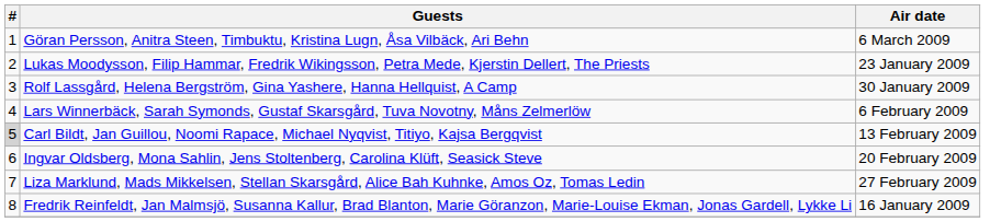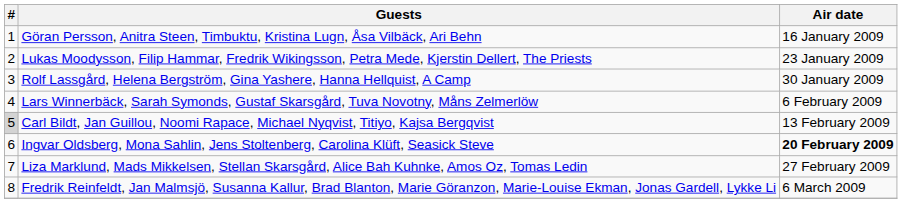 <table class="wikitable">
 <tr>
 <th>#</th>
 <th>Guests</th>
 <th>Air date</th>
 </tr>
 <tr>
 <td>1</td>
 <td><a href='#'>Göran Persson</a>, <a href='#'>Anitra Steen</a>, <a href='#'>Timbuktu</a>, <a href='#'>Kristina Lugn</a>, <a href='#'>Åsa Vilbäck</a>, <a href='#'>Ari Behn</a></td>
-<td>6 March 2009</td>
+<td>16 January 2009</td>
 </tr>
 <tr>
 <td>2</td>
 <td><a href='#'>Lukas Moodysson</a>, <a href='#'>Filip Hammar</a>, <a href='#'>Fredrik Wikingsson</a>, <a href='#'>Petra Mede</a>, <a href='#'>Kjerstin Dellert</a>, <a href='#'>The Priests</a></td>
 <td>23 January 2009</td>
 </tr>
 <tr>
 <td>3</td>
 <td><a href='#'>Rolf Lassgård</a>, <a href='#'>Helena Bergström</a>, <a href='#'>Gina Yashere</a>, <a href='#'>Hanna Hellquist</a>, <a href='#'>A Camp</a></td>
 <td>30 January 2009</td>
 </tr>
 <tr>
 <td>4</td>
 <td><a href='#'>Lars Winnerbäck</a>, <a href='#'>Sarah Symonds</a>, <a href='#'>Gustaf Skarsgård</a>, <a href='#'>Tuva Novotny</a>, <a href='#'>Måns Zelmerlöw</a></td>
 <td>6 February 2009</td>
 </tr>
 <tr>
 <td style="background: lightgrey;">5</td>
 <td><a href='#'>Carl Bildt</a>, <a href='#'>Jan Guillou</a>, <a href='#'>Noomi Rapace</a>, <a href='#'>Michael Nyqvist</a>, <a href='#'>Titiyo</a>, <a href='#'>Kajsa Bergqvist</a></td>
 <td>13 February 2009</td>
 </tr>
 <tr>
 <td>6</td>
 <td><a href='#'>Ingvar Oldsberg</a>, <a href='#'>Mona Sahlin</a>, <a href='#'>Jens Stoltenberg</a>, <a href='#'>Carolina Klüft</a>, <a href='#'>Seasick Steve</a></td>
-<td>20 February 2009</td>
+<td><strong>20 February 2009</strong></td>
 </tr>
 <tr>
 <td>7</td>
 <td><a href='#'>Liza Marklund</a>, <a href='#'>Mads Mikkelsen</a>, <a href='#'>Stellan Skarsgård</a>, <a href='#'>Alice Bah Kuhnke</a>, <a href='#'>Amos Oz</a>, <a href='#'>Tomas Ledin</a></td>
 <td>27 February 2009</td>
 </tr>
 <tr>
 <td>8</td>
 <td><a href='#'>Fredrik Reinfeldt</a>, <a href='#'>Jan Malmsjö</a>, <a href='#'>Susanna Kallur</a>, <a href='#'>Brad Blanton</a>, <a href='#'>Marie Göranzon</a>, <a href='#'>Marie-Louise Ekman</a>, <a href='#'>Jonas Gardell</a>, <a href='#'>Lykke Li</a></td>
-<td>16 January 2009</td>
+<td>6 March 2009</td>
 </tr>
 <tr>
 </tr>
 </table>
